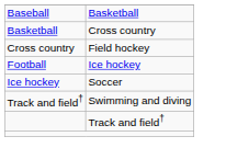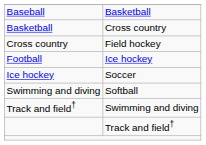 <table class="wikitable" style=" ">
 <tr>
 </tr>
 <tr>
 <td><a href='#'>Baseball</a></td>
 <td><a href='#'>Basketball</a></td>
 </tr>
 <tr>
 <td><a href='#'>Basketball</a></td>
 <td>Cross country</td>
 </tr>
 <tr>
 <td>Cross country</td>
 <td>Field hockey</td>
 </tr>
 <tr>
 <td><a href='#'>Football</a></td>
 <td><a href='#'>Ice hockey</a></td>
 </tr>
 <tr>
 <td><a href='#'>Ice hockey</a></td>
 <td>Soccer</td>
 </tr>
 <tr>
+<td>Swimming and diving</td>
+<td>Softball</td>
+</tr>
+<tr>
 <td>Track and field<sup>†</sup></td>
 <td>Swimming and diving</td>
 </tr>
 <tr>
 <td></td>
 <td>Track and field<sup>†</sup></td>
 </tr>
 <tr>
 <td colspan="2"></td>
 </tr>
 </table>
